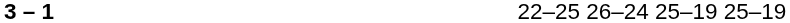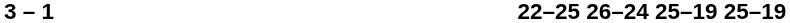 <table width=100% cellspacing=1>
 <tr>
 <th width=20%></th>
 <th width=12%></th>
 <th width=20%></th>
 <th width=33%></th>
 <td></td>
 </tr>
 <tr style=font-size:95%>
 <td align=right><strong></strong></td>
 <td align=center><strong>3 – 1</strong></td>
 <td></td>
-<td>22–25 26–24 25–19 25–19</td>
+<td><strong>22–25 26–24 25–19 25–19</strong></td>
 </tr>
 </table>
